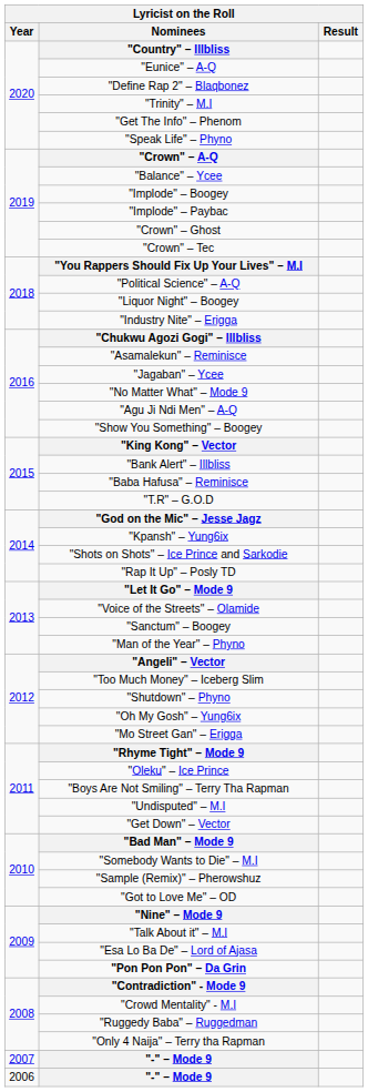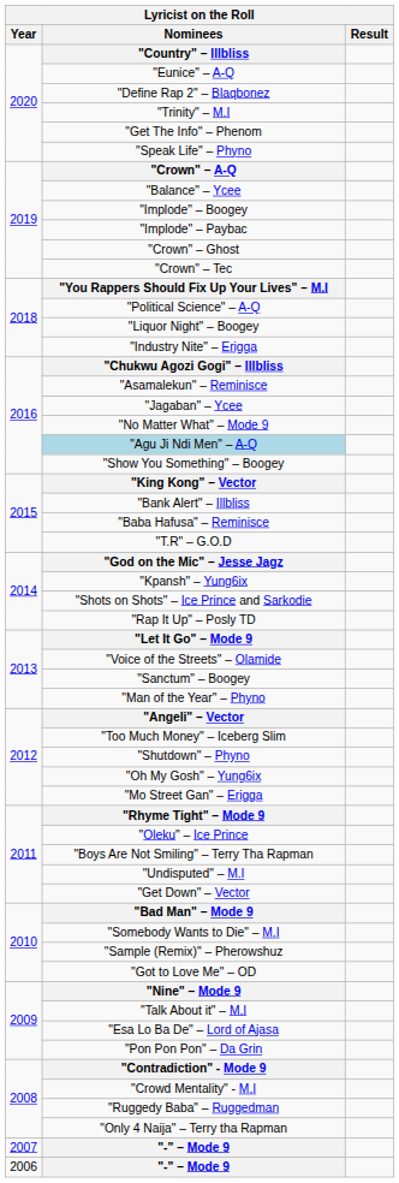 <table class="wikitable"  style="text-align:center; width:40%;">
 <tr>
 <th colspan="4">Lyricist on the Roll</th>
 </tr>
 <tr>
 <th>Year</th>
 <th>Nominees</th>
 <th>Result</th>
 </tr>
 <tr>
 <td rowspan="6"><a href='#'>2020</a></td>
 <th>"Country" – <a href='#'>Illbliss</a></th>
 <td></td>
 </tr>
 <tr>
 <td>"Eunice" – <a href='#'>A-Q</a></td>
 <td></td>
 </tr>
 <tr>
 <td>"Define Rap 2" – <a href='#'>Blaqbonez</a></td>
 <td></td>
 </tr>
 <tr>
 <td>"Trinity" – <a href='#'>M.I</a></td>
 <td></td>
 </tr>
 <tr>
 <td>"Get The Info" – Phenom</td>
 <td></td>
 </tr>
 <tr>
 <td>"Speak Life" – <a href='#'>Phyno</a></td>
 <td></td>
 </tr>
 <tr>
 <td rowspan="6"><a href='#'>2019</a></td>
 <th>"Crown" – <a href='#'>A-Q</a></th>
 <td></td>
 </tr>
 <tr>
 <td>"Balance" – <a href='#'>Ycee</a></td>
 <td></td>
 </tr>
 <tr>
 <td>"Implode" – Boogey</td>
 <td></td>
 </tr>
 <tr>
 <td>"Implode" – Paybac</td>
 <td></td>
 </tr>
 <tr>
 <td>"Crown" – Ghost</td>
 <td></td>
 </tr>
 <tr>
 <td>"Crown" – Tec</td>
 <td></td>
 </tr>
 <tr>
 <td rowspan="4"><a href='#'>2018</a></td>
 <th>"You Rappers Should Fix Up Your Lives" – <a href='#'>M.I</a></th>
 <td></td>
 </tr>
 <tr>
 <td>"Political Science" – <a href='#'>A-Q</a></td>
 <td></td>
 </tr>
 <tr>
 <td>"Liquor Night" – Boogey</td>
 <td></td>
 </tr>
 <tr>
 <td>"Industry Nite" – <a href='#'>Erigga</a></td>
 <td></td>
 </tr>
 <tr>
 <td rowspan="6"><a href='#'>2016</a></td>
 <th>"Chukwu Agozi Gogi" – <a href='#'>Illbliss</a></th>
 <td></td>
 </tr>
 <tr>
 <td>"Asamalekun" – <a href='#'>Reminisce</a></td>
 <td></td>
 </tr>
 <tr>
 <td>"Jagaban" – <a href='#'>Ycee</a></td>
 <td></td>
 </tr>
 <tr>
 <td>"No Matter What" – <a href='#'>Mode 9</a></td>
 <td></td>
 </tr>
 <tr>
-<td>"Agu Ji Ndi Men" – <a href='#'>A-Q</a></td>
+<td style="background: lightblue;">"Agu Ji Ndi Men" – <a href='#'>A-Q</a></td>
 <td></td>
 </tr>
 <tr>
 <td>"Show You Something" – Boogey</td>
 <td></td>
 </tr>
 <tr>
 <td rowspan="4"><a href='#'>2015</a></td>
 <th>"King Kong" – <a href='#'>Vector</a></th>
 <td></td>
 </tr>
 <tr>
 <td>"Bank Alert" – <a href='#'>Illbliss</a></td>
 <td></td>
 </tr>
 <tr>
 <td>"Baba Hafusa" – <a href='#'>Reminisce</a></td>
 <td></td>
 </tr>
 <tr>
 <td>"T.R" – G.O.D</td>
 <td></td>
 </tr>
 <tr>
 <td rowspan="4"><a href='#'>2014</a></td>
 <th>"God on the Mic" – <a href='#'>Jesse Jagz</a></th>
 <td></td>
 </tr>
 <tr>
 <td>"Kpansh" – <a href='#'>Yung6ix</a></td>
 <td></td>
 </tr>
 <tr>
 <td>"Shots on Shots" – <a href='#'>Ice Prince</a> and <a href='#'>Sarkodie</a></td>
 <td></td>
 </tr>
 <tr>
 <td>"Rap It Up" – Posly TD</td>
 <td></td>
 </tr>
 <tr>
 <td rowspan="4"><a href='#'>2013</a></td>
 <th>"Let It Go" – <a href='#'>Mode 9</a></th>
 <td></td>
 </tr>
 <tr>
 <td>"Voice of the Streets" – <a href='#'>Olamide</a></td>
 <td></td>
 </tr>
 <tr>
 <td>"Sanctum" – Boogey</td>
 <td></td>
 </tr>
 <tr>
 <td>"Man of the Year" – <a href='#'>Phyno</a></td>
 <td></td>
 </tr>
 <tr>
 <td rowspan="5"><a href='#'>2012</a></td>
 <th>"Angeli" – <a href='#'>Vector</a></th>
 <td></td>
 </tr>
 <tr>
 <td>"Too Much Money" – Iceberg Slim</td>
 <td></td>
 </tr>
 <tr>
 <td>"Shutdown" – <a href='#'>Phyno</a></td>
 <td></td>
 </tr>
 <tr>
 <td>"Oh My Gosh" – <a href='#'>Yung6ix</a></td>
 <td></td>
 </tr>
 <tr>
 <td>"Mo Street Gan" – <a href='#'>Erigga</a></td>
 <td></td>
 </tr>
 <tr>
 <td rowspan="5"><a href='#'>2011</a></td>
 <th>"Rhyme Tight" – <a href='#'>Mode 9</a></th>
 <td></td>
 </tr>
 <tr>
 <td>"<a href='#'>Oleku</a>" – <a href='#'>Ice Prince</a></td>
 <td></td>
 </tr>
 <tr>
 <td>"Boys Are Not Smiling" – Terry Tha Rapman</td>
 <td></td>
 </tr>
 <tr>
 <td>"Undisputed" – <a href='#'>M.I</a></td>
 <td></td>
 </tr>
 <tr>
 <td>"Get Down" – <a href='#'>Vector</a></td>
 </tr>
 <tr>
 <td rowspan="4"><a href='#'>2010</a></td>
 <th>"Bad Man" – <a href='#'>Mode 9</a></th>
 <td></td>
 </tr>
 <tr>
 <td>"Somebody Wants to Die" – <a href='#'>M.I</a></td>
 <td></td>
 </tr>
 <tr>
 <td>"Sample (Remix)" – Pherowshuz</td>
 <td></td>
 </tr>
 <tr>
 <td>"Got to Love Me" – OD</td>
 <td></td>
 </tr>
 <tr>
 <td rowspan="4"><a href='#'>2009</a></td>
 <th>"Nine" – <a href='#'>Mode 9</a></th>
 <td></td>
 </tr>
 <tr>
 <td>"Talk About it" – <a href='#'>M.I</a></td>
 <td></td>
 </tr>
 <tr>
 <td>"Esa Lo Ba De" – <a href='#'>Lord of Ajasa</a></td>
 <td></td>
 </tr>
 <tr>
-<td><strong>"Pon Pon Pon" – <a href='#'>Da Grin</a></strong></td>
+<td>"Pon Pon Pon" – <a href='#'>Da Grin</a></td>
 <td></td>
 </tr>
 <tr>
 <td rowspan="4"><a href='#'>2008</a></td>
 <th>"Contradiction" - <a href='#'>Mode 9</a></th>
 <td></td>
 </tr>
 <tr>
 <td>"Crowd Mentality" - <a href='#'>M.I</a></td>
 <td></td>
 </tr>
 <tr>
 <td>"Ruggedy Baba" – <a href='#'>Ruggedman</a></td>
 <td></td>
 </tr>
 <tr>
 <td>"Only 4 Naija" – Terry tha Rapman</td>
 <td></td>
 </tr>
 <tr>
 <td rowspan="1"><a href='#'>2007</a></td>
 <th>"-" – <a href='#'>Mode 9</a></th>
 <td></td>
 </tr>
 <tr>
 <td>2006</td>
 <th>"-" – <a href='#'>Mode 9</a></th>
 <td></td>
 </tr>
 </table>
